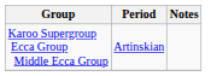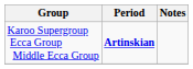 <table class="wikitable sortable">
 <tr>
 <th>Group</th>
 <th>Period</th>
 <th class="unsortable">Notes</th>
 </tr>
 <tr>
 <td><a href='#'>Karoo Supergroup</a><br> <a href='#'>Ecca Group</a><br>  <a href='#'>Middle Ecca Group</a></td>
-<td style="background-color: "><a href='#'>Artinskian</a></td>
+<td style="background-color: "><strong><a href='#'>Artinskian</a></strong></td>
 <td align=center></td>
 </tr>
 <tr>
 </tr>
 </table>
